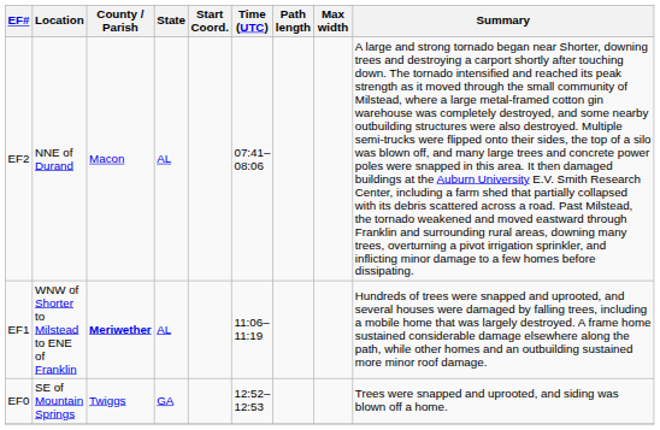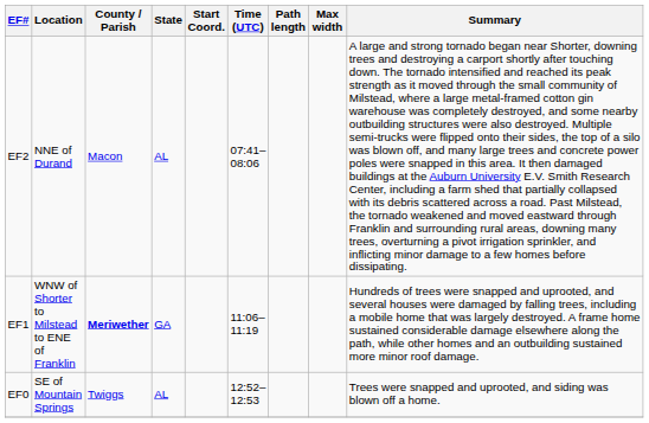 <table class="wikitable sortable" style="width:100%;">
 <tr>
 <th scope="col" style="width:3%; text-align:center;"><a href='#'>EF#</a></th>
 <th scope="col" style="width:7%; text-align:center;" class="unsortable">Location</th>
 <th scope="col" style="width:6%; text-align:center;" class="unsortable">County / Parish</th>
 <th scope="col" style="width:5%; text-align:center;">State</th>
 <th scope="col" style="width:6%; text-align:center;">Start Coord.</th>
 <th scope="col" style="width:6%; text-align:center;">Time (<a href='#'>UTC</a>)</th>
 <th scope="col" style="width:6%; text-align:center;">Path length</th>
 <th scope="col" style="width:6%; text-align:center;">Max width</th>
 <th scope="col" class="unsortable" style="width:48%; text-align:center;">Summary</th>
 </tr>
 <tr>
 <td>EF2</td>
 <td>NNE of <a href='#'>Durand</a></td>
 <td><a href='#'>Macon</a></td>
 <td><a href='#'>AL</a></td>
 <td></td>
 <td>07:41–08:06</td>
 <td></td>
 <td></td>
 <td>A large and strong tornado began near Shorter, downing trees and destroying a carport shortly after touching down. The tornado intensified and reached its peak strength as it moved through the small community of Milstead, where a large metal-framed cotton gin warehouse was completely destroyed, and some nearby outbuilding structures were also destroyed. Multiple semi-trucks were flipped onto their sides, the top of a silo was blown off, and many large trees and concrete power poles were snapped in this area. It then damaged buildings at the <a href='#'>Auburn University</a> E.V. Smith Research Center, including a farm shed that partially collapsed with its debris scattered across a road. Past Milstead, the tornado weakened and moved eastward through Franklin and surrounding rural areas, downing many trees, overturning a pivot irrigation sprinkler, and inflicting minor damage to a few homes before dissipating.</td>
 </tr>
 <tr>
 <td>EF1</td>
 <td>WNW of <a href='#'>Shorter</a> to <a href='#'>Milstead</a> to ENE of <a href='#'>Franklin</a></td>
 <td><strong><a href='#'>Meriwether</a></strong></td>
-<td><a href='#'>AL</a></td>
+<td><a href='#'>GA</a></td>
 <td></td>
 <td>11:06–11:19</td>
 <td></td>
 <td></td>
 <td>Hundreds of trees were snapped and uprooted, and several houses were damaged by falling trees, including a mobile home that was largely destroyed. A frame home sustained considerable damage elsewhere along the path, while other homes and an outbuilding sustained more minor roof damage.</td>
 </tr>
 <tr>
 <td>EF0</td>
 <td>SE of <a href='#'>Mountain Springs</a></td>
 <td><a href='#'>Twiggs</a></td>
-<td><a href='#'>GA</a></td>
+<td><a href='#'>AL</a></td>
 <td></td>
 <td>12:52–12:53</td>
 <td></td>
 <td></td>
 <td>Trees were snapped and uprooted, and siding was blown off a home.</td>
 </tr>
 <tr>
 </tr>
 </table>
